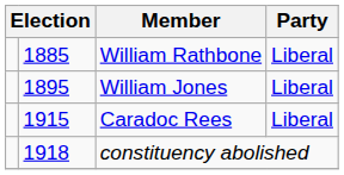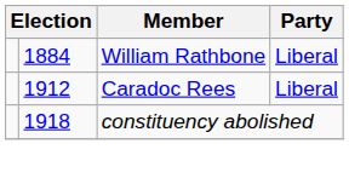 <table class="wikitable">
 <tr>
 <th colspan="2">Election</th>
 <th>Member</th>
 <th>Party</th>
 </tr>
 <tr>
 <td style="color:inherit;background-color: "></td>
-<td><a href='#'>1885</a></td>
+<td><a href='#'>1884</a></td>
 <td><a href='#'>William Rathbone</a></td>
 <td><a href='#'>Liberal</a></td>
 </tr>
 <tr>
 <td style="color:inherit;background-color: "></td>
-<td><a href='#'>1895</a></td>
-<td><a href='#'>William Jones</a></td>
-<td><a href='#'>Liberal</a></td>
-</tr>
-<tr>
-<td style="color:inherit;background-color: "></td>
-<td><a href='#'>1915</a></td>
+<td><a href='#'>1912</a></td>
 <td><a href='#'>Caradoc Rees</a></td>
 <td><a href='#'>Liberal</a></td>
 </tr>
 <tr>
 <td></td>
 <td><a href='#'>1918</a></td>
 <td colspan="2"><em>constituency abolished</em></td>
 </tr>
 <tr>
 </tr>
 </table>
